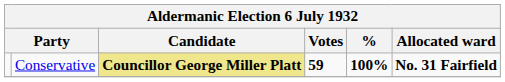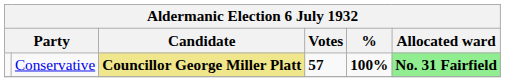 <table class="wikitable">
 <tr>
 <th colspan="6"><strong>Aldermanic Election 6 July 1932</strong></th>
 </tr>
 <tr>
 <th colspan="2">Party</th>
 <th>Candidate</th>
 <th>Votes</th>
 <th>%</th>
 <th>Allocated ward</th>
 </tr>
 <tr>
 <td style="background-color:"></td>
 <td><a href='#'>Conservative</a></td>
 <td style="background: khaki;"><strong>Councillor George Miller Platt</strong></td>
-<td><strong>59</strong></td>
+<td><strong>57</strong></td>
 <td><strong>100%</strong></td>
-<td><strong>No. 31 Fairfield</strong></td>
+<td style="background: lightgreen;"><strong>No. 31 Fairfield</strong></td>
 </tr>
 <tr>
 </tr>
 </table>
